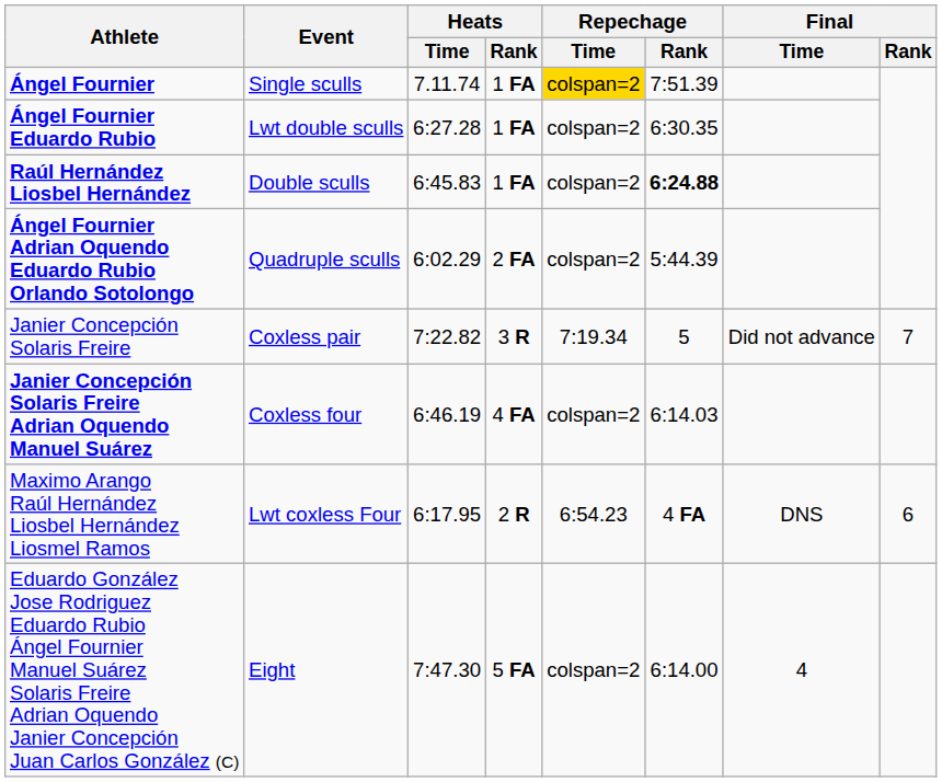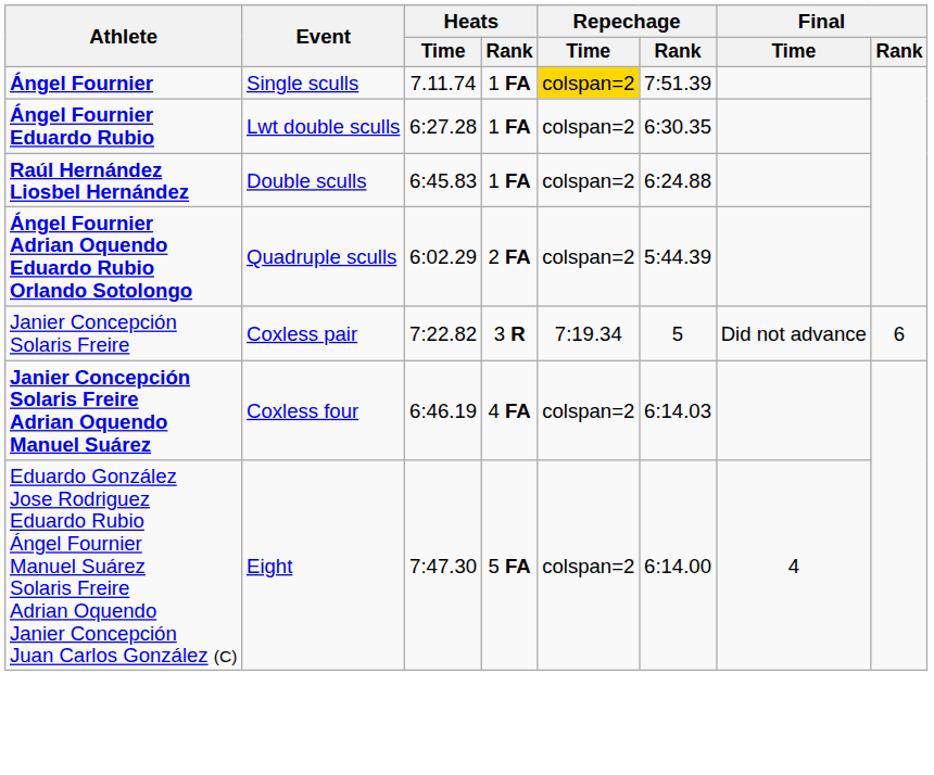 <table class="wikitable" style="font-size:90%">
 <tr>
 <th rowspan=2>Athlete</th>
 <th rowspan=2>Event</th>
 <th colspan="2">Heats</th>
 <th colspan="2">Repechage</th>
 <th colspan="2">Final</th>
 </tr>
 <tr style="font-size:95%">
 <th>Time</th>
 <th>Rank</th>
 <th>Time</th>
 <th>Rank</th>
 <th>Time</th>
 <th>Rank</th>
 </tr>
 <tr align=center>
 <td align=left><strong><a href='#'>Ángel Fournier</a></strong></td>
 <td align=left><a href='#'>Single sculls</a></td>
 <td>7.11.74</td>
 <td>1 <strong>FA</strong></td>
 <td style="background: gold;">colspan=2 </td>
 <td>7:51.39</td>
 <td></td>
 </tr>
 <tr align=center>
 <td align=left><strong><a href='#'>Ángel Fournier</a><br><a href='#'>Eduardo Rubio</a></strong></td>
 <td align=left><a href='#'>Lwt double sculls</a></td>
 <td>6:27.28</td>
 <td>1 <strong>FA</strong></td>
 <td>colspan=2 </td>
 <td>6:30.35</td>
 <td></td>
 </tr>
 <tr align=center>
 <td align=left><strong><a href='#'>Raúl Hernández</a><br><a href='#'>Liosbel Hernández</a></strong></td>
 <td align=left><a href='#'>Double sculls</a></td>
 <td>6:45.83</td>
 <td>1 <strong>FA</strong></td>
 <td>colspan=2 </td>
-<td><strong>6:24.88</strong></td>
+<td>6:24.88</td>
 <td></td>
 </tr>
 <tr align=center>
 <td align=left><strong><a href='#'>Ángel Fournier</a><br><a href='#'>Adrian Oquendo</a><br><a href='#'>Eduardo Rubio</a><br><a href='#'>Orlando Sotolongo</a></strong></td>
 <td align=left><a href='#'>Quadruple sculls</a></td>
 <td>6:02.29</td>
 <td>2 <strong>FA</strong></td>
 <td>colspan=2 </td>
 <td>5:44.39</td>
 <td></td>
 </tr>
 <tr align=center>
 <td align=left><a href='#'>Janier Concepción</a><br><a href='#'>Solaris Freire</a></td>
 <td align=left><a href='#'>Coxless pair</a></td>
 <td>7:22.82</td>
 <td>3 <strong>R</strong></td>
 <td>7:19.34</td>
 <td>5</td>
 <td>Did not advance</td>
-<td>7</td>
+<td>6</td>
 </tr>
 <tr align=center>
 <td align=left><strong><a href='#'>Janier Concepción</a><br><a href='#'>Solaris Freire</a><br><a href='#'>Adrian Oquendo</a><br><a href='#'>Manuel Suárez</a></strong></td>
 <td align=left><a href='#'>Coxless four</a></td>
 <td>6:46.19</td>
 <td>4 <strong>FA</strong></td>
 <td>colspan=2 </td>
 <td>6:14.03</td>
 <td></td>
 </tr>
 <tr align=center>
-<td align=left><a href='#'>Maximo Arango</a><br><a href='#'>Raúl Hernández</a><br><a href='#'>Liosbel Hernández</a><br><a href='#'>Liosmel Ramos</a></td>
-<td align=left><a href='#'>Lwt coxless Four</a></td>
-<td>6:17.95</td>
-<td>2 <strong>R</strong></td>
-<td>6:54.23</td>
-<td>4 <strong>FA</strong></td>
-<td>DNS</td>
-<td>6</td>
-</tr>
-<tr align=center>
 <td align=left><a href='#'>Eduardo González</a><br><a href='#'>Jose Rodriguez</a><br><a href='#'>Eduardo Rubio</a><br><a href='#'>Ángel Fournier</a><br><a href='#'>Manuel Suárez</a><br><a href='#'>Solaris Freire</a><br><a href='#'>Adrian Oquendo</a><br><a href='#'>Janier Concepción</a><br><a href='#'>Juan Carlos González</a> <small>(C)</small></td>
 <td align=left><a href='#'>Eight</a></td>
 <td>7:47.30</td>
 <td>5 <strong>FA</strong></td>
 <td>colspan=2 </td>
 <td>6:14.00</td>
 <td>4</td>
 </tr>
 </table>
